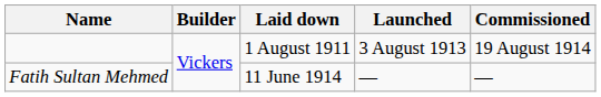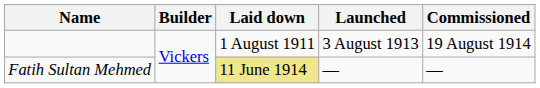 <table class="wikitable">
 <tr>
 <th>Name</th>
 <th>Builder</th>
 <th>Laid down</th>
 <th>Launched</th>
 <th>Commissioned</th>
 </tr>
 <tr>
 <td></td>
 <td rowspan=2><a href='#'>Vickers</a></td>
 <td>1 August 1911</td>
 <td>3 August 1913</td>
 <td>19 August 1914</td>
 </tr>
 <tr>
 <td><em>Fatih Sultan Mehmed</em></td>
-<td>11 June 1914</td>
+<td style="background: khaki;">11 June 1914</td>
 <td>—</td>
 <td>—</td>
 </tr>
 </table>
